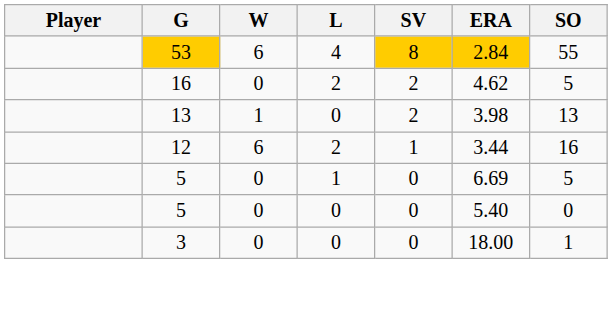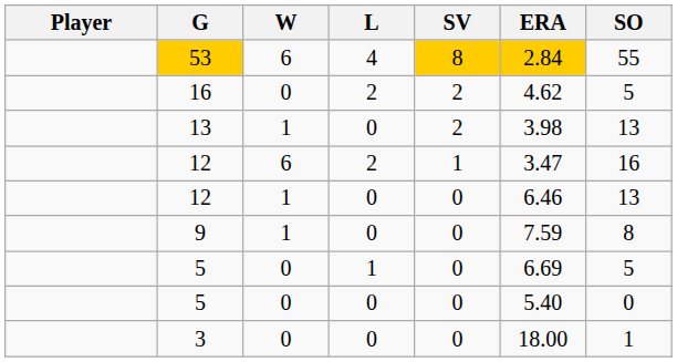 <table class="wikitable sortable">
 <tr>
 <th bgcolor="#DDDDFF" width="16%">Player</th>
 <th bgcolor="#DDDDFF" width="9%">G</th>
 <th bgcolor="#DDDDFF" width="9%">W</th>
 <th bgcolor="#DDDDFF" width="9%">L</th>
 <th bgcolor="#DDDDFF" width="9%">SV</th>
 <th bgcolor="#DDDDFF" width="9%">ERA</th>
 <th bgcolor="#DDDDFF" width="9%">SO</th>
 </tr>
 <tr align="center">
 <td></td>
 <td style="background:#fc0;">53</td>
 <td>6</td>
 <td>4</td>
 <td style="background:#fc0;">8</td>
 <td style="background:#fc0;">2.84</td>
 <td>55</td>
 </tr>
 <tr align="center">
 <td></td>
 <td>16</td>
 <td>0</td>
 <td>2</td>
 <td>2</td>
 <td>4.62</td>
 <td>5</td>
 </tr>
 <tr align="center">
 <td></td>
 <td>13</td>
 <td>1</td>
 <td>0</td>
 <td>2</td>
 <td>3.98</td>
 <td>13</td>
 </tr>
 <tr align="center">
 <td></td>
 <td>12</td>
 <td>6</td>
 <td>2</td>
 <td>1</td>
-<td>3.44</td>
+<td>3.47</td>
 <td>16</td>
+</tr>
+<tr align="center">
+<td></td>
+<td>12</td>
+<td>1</td>
+<td>0</td>
+<td>0</td>
+<td>6.46</td>
+<td>13</td>
+</tr>
+<tr align="center">
+<td></td>
+<td>9</td>
+<td>1</td>
+<td>0</td>
+<td>0</td>
+<td>7.59</td>
+<td>8</td>
 </tr>
 <tr align="center">
 <td></td>
 <td>5</td>
 <td>0</td>
 <td>1</td>
 <td>0</td>
 <td>6.69</td>
 <td>5</td>
 </tr>
 <tr align="center">
 <td></td>
 <td>5</td>
 <td>0</td>
 <td>0</td>
 <td>0</td>
 <td>5.40</td>
 <td>0</td>
 </tr>
 <tr align="center">
 <td></td>
 <td>3</td>
 <td>0</td>
 <td>0</td>
 <td>0</td>
 <td>18.00</td>
 <td>1</td>
 </tr>
 </table>
